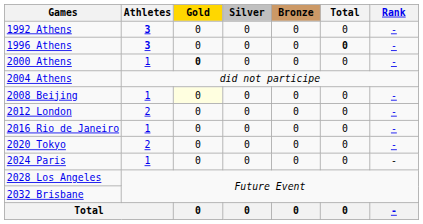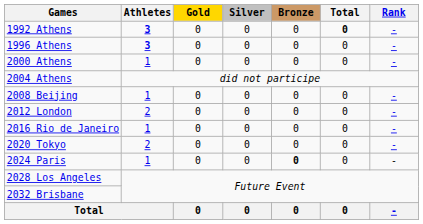 <table class="wikitable" style="text-align:center; font-size:90%;">
 <tr>
 <th>Games</th>
 <th>Athletes</th>
 <td style="background:gold; width:4.5em; font-weight:bold;">Gold</td>
 <td style="background:silver; width:4.5em; font-weight:bold;">Silver</td>
 <td style="background:#cc9966; width:4.5em; font-weight:bold;">Bronze</td>
 <th style="width:4.5em; font-weight:bold;">Total</th>
 <th style="width:4.5em; font-weight:bold;"><a href='#'>Rank</a></th>
 </tr>
 <tr>
 <td align=left><a href='#'>1992 Athens</a></td>
 <td><strong><a href='#'>3</a></strong></td>
 <td>0</td>
 <td>0</td>
 <td>0</td>
-<td>0</td>
+<td><strong>0</strong></td>
 <td><a href='#'>-</a></td>
 </tr>
 <tr>
 <td align=left><a href='#'>1996 Athens</a></td>
 <td><strong><a href='#'>3</a></strong></td>
 <td>0</td>
 <td>0</td>
 <td>0</td>
-<td><strong>0</strong></td>
+<td>0</td>
 <td><a href='#'>-</a></td>
 </tr>
 <tr>
 <td align=left><a href='#'>2000 Athens</a></td>
 <td><a href='#'>1</a></td>
-<td><strong>0</strong></td>
+<td>0</td>
 <td>0</td>
 <td>0</td>
 <td>0</td>
 <td><a href='#'>-</a></td>
 </tr>
 <tr>
 <td align=left><a href='#'>2004 Athens</a></td>
 <td colspan=6><em>did not participe</em></td>
 </tr>
 <tr>
 <td align=left><a href='#'>2008 Beijing</a></td>
 <td><a href='#'>1</a></td>
-<td style="background: lightyellow;">0</td>
+<td>0</td>
 <td>0</td>
 <td>0</td>
 <td>0</td>
 <td><a href='#'>-</a></td>
 </tr>
 <tr>
 <td align=left><a href='#'>2012 London</a></td>
 <td><a href='#'>2</a></td>
 <td>0</td>
 <td>0</td>
 <td>0</td>
 <td>0</td>
 <td><a href='#'>-</a></td>
 </tr>
 <tr>
 <td align=left><a href='#'>2016 Rio de Janeiro</a></td>
 <td><a href='#'>1</a></td>
 <td>0</td>
 <td>0</td>
 <td>0</td>
 <td>0</td>
 <td><a href='#'>-</a></td>
 </tr>
 <tr>
 <td align=left><a href='#'>2020 Tokyo</a></td>
 <td><a href='#'>2</a></td>
 <td>0</td>
 <td>0</td>
 <td>0</td>
 <td>0</td>
 <td><a href='#'>-</a></td>
 </tr>
 <tr>
 <td align=left><a href='#'>2024 Paris</a></td>
 <td><a href='#'>1</a></td>
 <td>0</td>
 <td>0</td>
-<td>0</td>
+<td><strong>0</strong></td>
 <td>0</td>
 <td>-</td>
 </tr>
 <tr>
 <td align=left><a href='#'>2028 Los Angeles</a></td>
 <td colspan="6" rowspan="2"><em>Future Event</em></td>
 </tr>
 <tr>
 <td align=left><a href='#'>2032 Brisbane</a></td>
 </tr>
 <tr>
 <th colspan=2>Total</th>
 <th>0</th>
 <th>0</th>
 <th>0</th>
 <th>0</th>
 <th><a href='#'>-</a></th>
 </tr>
 </table>
